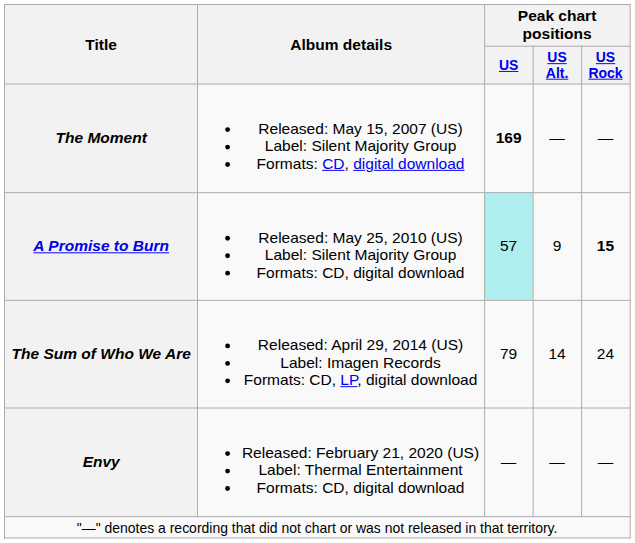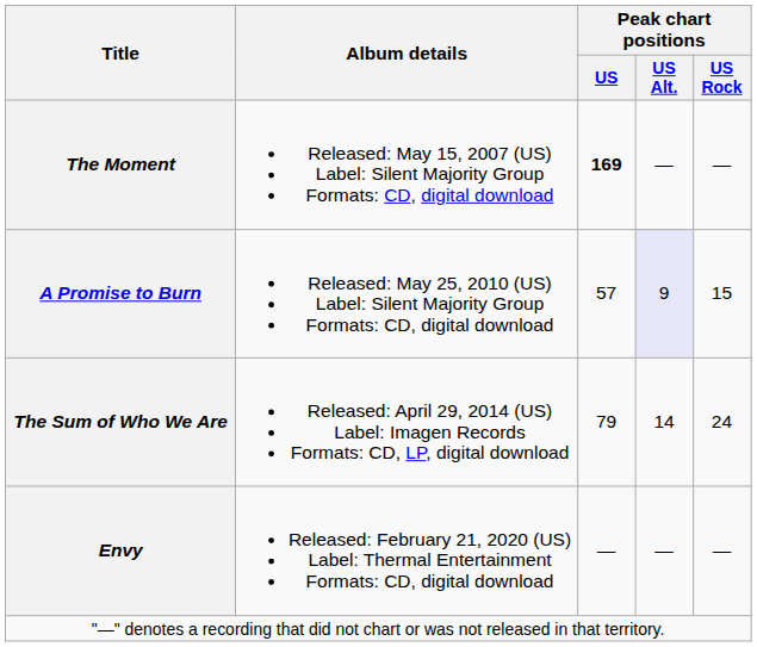 <table class="wikitable plainrowheaders" style="text-align:center;">
 <tr>
 <th scope="col" rowspan="2" style="width:12em;">Title</th>
 <th scope="col" rowspan="2" style="width:18em;">Album details</th>
 <th scope="col" colspan="3">Peak chart positions</th>
 </tr>
 <tr>
 <th scope="col" style="width:3em;font-size:90%;"><a href='#'>US</a><br></th>
 <th scope="col" style="width:3em;font-size:90%;"><a href='#'>US<br>Alt.</a><br></th>
 <th scope="col" style="width:3em;font-size:90%;"><a href='#'>US<br>Rock</a><br></th>
 </tr>
 <tr>
 <th scope="row"><em>The Moment</em></th>
 <td><br><ul><li>Released: May 15, 2007 <span>(US)</span></li><li>Label: Silent Majority Group</li><li>Formats: <a href='#'>CD</a>, <a href='#'>digital download</a></li></ul></td>
 <td><strong>169</strong></td>
 <td>—</td>
 <td>—</td>
 </tr>
 <tr>
 <th scope="row"><em><a href='#'>A Promise to Burn</a></em></th>
 <td><br><ul><li>Released: May 25, 2010 <span>(US)</span></li><li>Label: Silent Majority Group</li><li>Formats: CD, digital download</li></ul></td>
-<td style="background: paleturquoise;">57</td>
-<td>9</td>
-<td><strong>15</strong></td>
+<td>57</td>
+<td style="background: lavender;">9</td>
+<td>15</td>
 </tr>
 <tr>
 <th scope="row"><em>The Sum of Who We Are</em></th>
 <td><br><ul><li>Released: April 29, 2014 <span>(US)</span></li><li>Label: Imagen Records</li><li>Formats: CD, <a href='#'>LP</a>, digital download</li></ul></td>
 <td>79</td>
 <td>14</td>
 <td>24</td>
 </tr>
 <tr>
 <th scope="row"><em>Envy</em></th>
 <td><br><ul><li>Released: February 21, 2020 <span>(US)</span></li><li>Label: Thermal Entertainment</li><li>Formats: CD, digital download</li></ul></td>
 <td>—</td>
 <td>—</td>
 <td>—</td>
 </tr>
 <tr>
 <td colspan="6" style="font-size:90%">"—" denotes a recording that did not chart or was not released in that territory.</td>
 </tr>
 </table>
